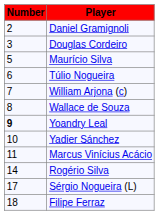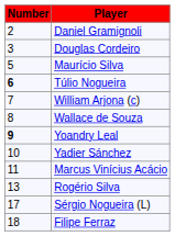 <table bgcolor="#f7f8ff" cellpadding="3" cellspacing="0" border="1" style="font-size: 95%; border: gray solid 1px; border-collapse: collapse;">
 <tr bgcolor="#ff0000">
 <td align=center><strong>Number</strong></td>
 <td align=center><strong>Player</strong></td>
 </tr>
 <tr align="left">
 <td>2</td>
 <td> <a href='#'>Daniel Gramignoli</a></td>
 </tr>
 <tr align=left>
 <td>3</td>
 <td> <a href='#'>Douglas Cordeiro</a></td>
 </tr>
 <tr align="left">
 <td>5</td>
 <td> <a href='#'>Maurício Silva</a></td>
 </tr>
 <tr align="left">
-<td>6</td>
+<td><strong>6</strong></td>
 <td> <a href='#'>Túlio Nogueira</a></td>
 </tr>
 <tr align="left">
 <td>7</td>
 <td> <a href='#'>William Arjona</a> (<a href='#'>c</a>)</td>
 </tr>
 <tr align="left">
 <td>8</td>
 <td> <a href='#'>Wallace de Souza</a></td>
 </tr>
 <tr align="left">
 <td><strong>9</strong></td>
 <td> <a href='#'>Yoandry Leal</a></td>
 </tr>
 <tr align="left">
 <td>10</td>
 <td> <a href='#'>Yadier Sánchez</a></td>
 </tr>
 <tr align="left">
 <td>11</td>
 <td> <a href='#'>Marcus Vinícius Acácio</a></td>
 </tr>
 <tr align="left">
-<td>14</td>
+<td>13</td>
 <td> <a href='#'>Rogério Silva</a></td>
 </tr>
 <tr align="left">
 <td>17</td>
 <td> <a href='#'>Sérgio Nogueira</a> (L)</td>
 </tr>
 <tr align="left">
 <td>18</td>
 <td> <a href='#'>Filipe Ferraz</a></td>
 </tr>
 </table>
